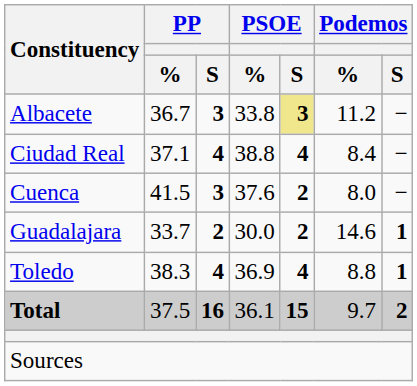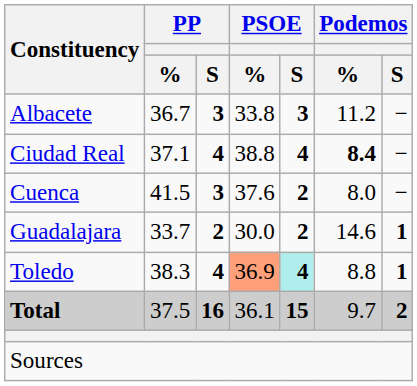 <table class="wikitable sortable" style="text-align:right; line-height:20px;">
 <tr>
 <th rowspan="3">Constituency</th>
 <th colspan="2" width="30px" class="unsortable"><a href='#'>PP</a></th>
 <th colspan="2" width="30px" class="unsortable"><a href='#'>PSOE</a></th>
 <th colspan="2" width="30px" class="unsortable"><a href='#'>Podemos</a></th>
 </tr>
 <tr>
 <th colspan="2" style="background:"></th>
 <th colspan="2" style="background:"></th>
 <th colspan="2" style="background:"></th>
 </tr>
 <tr>
 <th data-sort-type="number">%</th>
 <th data-sort-type="number">S</th>
 <th data-sort-type="number">%</th>
 <th data-sort-type="number">S</th>
 <th data-sort-type="number">%</th>
 <th data-sort-type="number">S</th>
 </tr>
 <tr>
 <td align="left"><a href='#'>Albacete</a></td>
 <td style="background:">36.7</td>
 <td><strong>3</strong></td>
 <td>33.8</td>
-<td style="background: khaki;"><strong>3</strong></td>
+<td><strong>3</strong></td>
 <td>11.2</td>
 <td>−</td>
 </tr>
 <tr>
 <td align="left"><a href='#'>Ciudad Real</a></td>
 <td>37.1</td>
 <td><strong>4</strong></td>
 <td style="background:">38.8</td>
 <td><strong>4</strong></td>
-<td>8.4</td>
+<td><strong>8.4</strong></td>
 <td>−</td>
 </tr>
 <tr>
 <td align="left"><a href='#'>Cuenca</a></td>
 <td style="background:">41.5</td>
 <td><strong>3</strong></td>
 <td>37.6</td>
 <td><strong>2</strong></td>
 <td>8.0</td>
 <td>−</td>
 </tr>
 <tr>
 <td align="left"><a href='#'>Guadalajara</a></td>
 <td style="background:">33.7</td>
 <td><strong>2</strong></td>
 <td>30.0</td>
 <td><strong>2</strong></td>
 <td>14.6</td>
 <td><strong>1</strong></td>
 </tr>
 <tr>
 <td align="left"><a href='#'>Toledo</a></td>
 <td style="background:">38.3</td>
 <td><strong>4</strong></td>
-<td>36.9</td>
-<td><strong>4</strong></td>
+<td style="background: lightsalmon;">36.9</td>
+<td style="background: paleturquoise;"><strong>4</strong></td>
 <td>8.8</td>
 <td><strong>1</strong></td>
 </tr>
 <tr style="background:#CDCDCD;">
 <td align="left"><strong>Total</strong></td>
 <td style="background:">37.5</td>
 <td><strong>16</strong></td>
 <td>36.1</td>
 <td><strong>15</strong></td>
 <td>9.7</td>
 <td><strong>2</strong></td>
 </tr>
 <tr>
 <th colspan="7"></th>
 </tr>
 <tr>
 <th style="text-align:left; font-weight:normal; background:#F9F9F9" colspan="7">Sources</th>
 </tr>
 </table>
